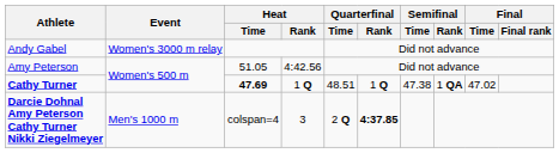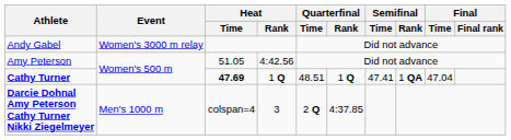 <table class=wikitable style=font-size:90%;text-align:center>
 <tr>
 <th rowspan=2>Athlete</th>
 <th rowspan=2>Event</th>
 <th colspan=2>Heat</th>
 <th colspan=2>Quarterfinal</th>
 <th colspan=2>Semifinal</th>
 <th colspan=2>Final</th>
 </tr>
 <tr style=font-size:95%>
 <th>Time</th>
 <th>Rank</th>
 <th>Time</th>
 <th>Rank</th>
 <th>Time</th>
 <th>Rank</th>
 <th>Time</th>
 <th>Final rank</th>
 </tr>
 <tr>
 <td align=left><a href='#'>Andy Gabel</a></td>
 <td align=left><a href='#'>Women's 3000 m relay</a></td>
 <td colspan=2></td>
 <td colspan=6>Did not advance</td>
 </tr>
 <tr>
 <td align=left><a href='#'>Amy Peterson</a></td>
 <td align=left rowspan=2><a href='#'>Women's 500 m</a></td>
 <td>51.05</td>
 <td>4:42.56</td>
 <td colspan=6>Did not advance</td>
 </tr>
 <tr>
 <td align=left><strong><a href='#'>Cathy Turner</a></strong></td>
 <td><strong>47.69</strong></td>
 <td>1 <strong>Q</strong></td>
 <td>48.51</td>
 <td>1 <strong>Q</strong></td>
-<td>47.38</td>
+<td>47.41</td>
 <td>1 <strong>QA</strong></td>
-<td>47.02</td>
+<td>47.04</td>
 <td></td>
 </tr>
 <tr>
 <td align=left><strong><a href='#'>Darcie Dohnal</a><br><a href='#'>Amy Peterson</a><br><a href='#'>Cathy Turner</a><br><a href='#'>Nikki Ziegelmeyer</a></strong></td>
 <td align=left><a href='#'>Men's 1000 m</a></td>
 <td>colspan=4 </td>
 <td>3</td>
 <td>2 <strong>Q</strong></td>
-<td><strong>4:37.85</strong></td>
+<td>4:37.85</td>
 <td></td>
 </tr>
 </table>
